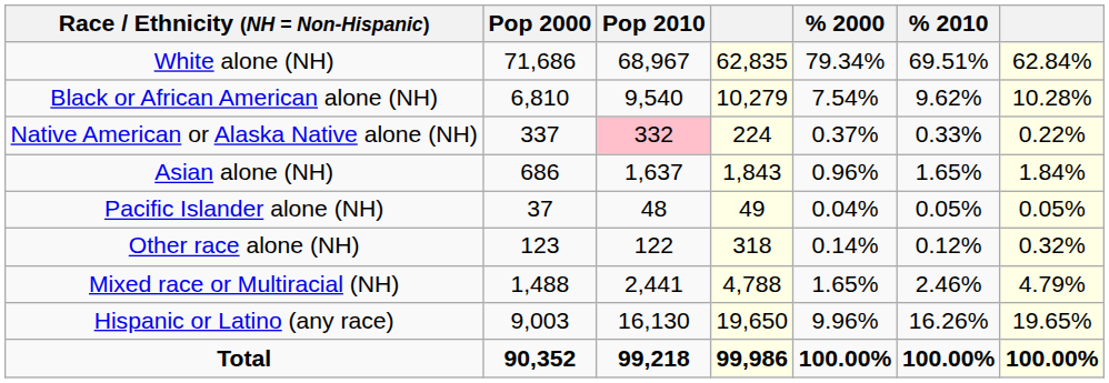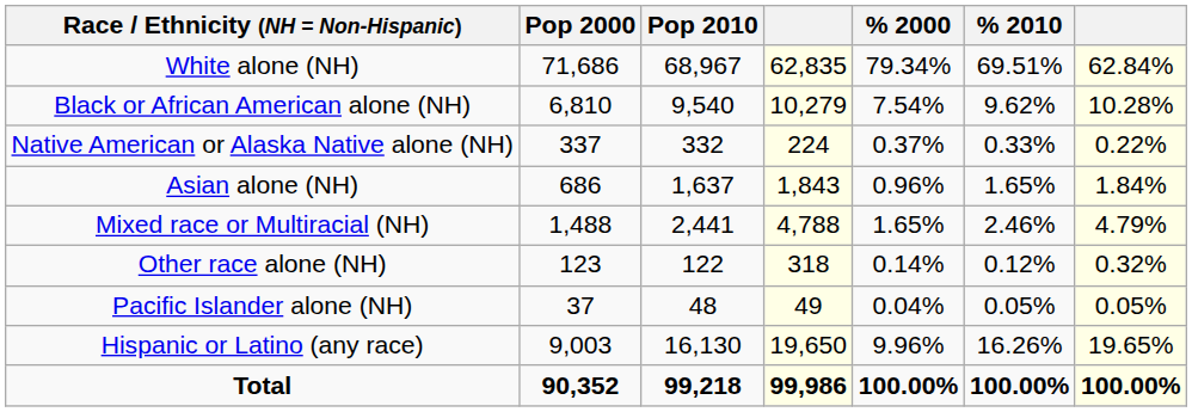 <table class="wikitable" style="text-align:center;">
 <tr>
 <th>Race / Ethnicity <small>(<em>NH = Non-Hispanic</em>)</small></th>
 <th>Pop 2000</th>
 <th>Pop 2010</th>
 <th></th>
 <th>% 2000</th>
 <th>% 2010</th>
 <th></th>
 </tr>
 <tr>
 <td><a href='#'>White</a> alone (NH)</td>
 <td>71,686</td>
 <td>68,967</td>
 <td style='background: #ffffe6;'>62,835</td>
 <td>79.34%</td>
 <td>69.51%</td>
 <td style='background: #ffffe6;'>62.84%</td>
 </tr>
 <tr>
 <td><a href='#'>Black or African American</a> alone (NH)</td>
 <td>6,810</td>
 <td>9,540</td>
 <td style='background: #ffffe6;'>10,279</td>
 <td>7.54%</td>
 <td>9.62%</td>
 <td style='background: #ffffe6;'>10.28%</td>
 </tr>
 <tr>
 <td><a href='#'>Native American</a> or <a href='#'>Alaska Native</a> alone (NH)</td>
 <td>337</td>
-<td style="background: pink;">332</td>
+<td>332</td>
 <td style='background: #ffffe6;'>224</td>
 <td>0.37%</td>
 <td>0.33%</td>
 <td style='background: #ffffe6;'>0.22%</td>
 </tr>
 <tr>
 <td><a href='#'>Asian</a> alone (NH)</td>
 <td>686</td>
 <td>1,637</td>
 <td style='background: #ffffe6;'>1,843</td>
 <td>0.96%</td>
 <td>1.65%</td>
 <td style='background: #ffffe6;'>1.84%</td>
 </tr>
 <tr>
-<td><a href='#'>Pacific Islander</a> alone (NH)</td>
-<td>37</td>
-<td>48</td>
-<td style='background: #ffffe6;'>49</td>
-<td>0.04%</td>
-<td>0.05%</td>
-<td style='background: #ffffe6;'>0.05%</td>
+<td><a href='#'>Mixed race or Multiracial</a> (NH)</td>
+<td>1,488</td>
+<td>2,441</td>
+<td style='background: #ffffe6;'>4,788</td>
+<td>1.65%</td>
+<td>2.46%</td>
+<td style='background: #ffffe6;'>4.79%</td>
 </tr>
 <tr>
 <td><a href='#'>Other race</a> alone (NH)</td>
 <td>123</td>
 <td>122</td>
 <td style='background: #ffffe6;'>318</td>
 <td>0.14%</td>
 <td>0.12%</td>
 <td style='background: #ffffe6;'>0.32%</td>
 </tr>
 <tr>
-<td><a href='#'>Mixed race or Multiracial</a> (NH)</td>
-<td>1,488</td>
-<td>2,441</td>
-<td style='background: #ffffe6;'>4,788</td>
-<td>1.65%</td>
-<td>2.46%</td>
-<td style='background: #ffffe6;'>4.79%</td>
+<td><a href='#'>Pacific Islander</a> alone (NH)</td>
+<td>37</td>
+<td>48</td>
+<td style='background: #ffffe6;'>49</td>
+<td>0.04%</td>
+<td>0.05%</td>
+<td style='background: #ffffe6;'>0.05%</td>
 </tr>
 <tr>
 <td><a href='#'>Hispanic or Latino</a> (any race)</td>
 <td>9,003</td>
 <td>16,130</td>
 <td style='background: #ffffe6;'>19,650</td>
 <td>9.96%</td>
 <td>16.26%</td>
 <td style='background: #ffffe6;'>19.65%</td>
 </tr>
 <tr>
 <td><strong>Total</strong></td>
 <td><strong>90,352</strong></td>
 <td><strong>99,218</strong></td>
 <td style='background: #ffffe6;'><strong>99,986</strong></td>
 <td><strong>100.00%</strong></td>
 <td><strong>100.00%</strong></td>
 <td style='background: #ffffe6;'><strong>100.00%</strong></td>
 </tr>
 </table>
